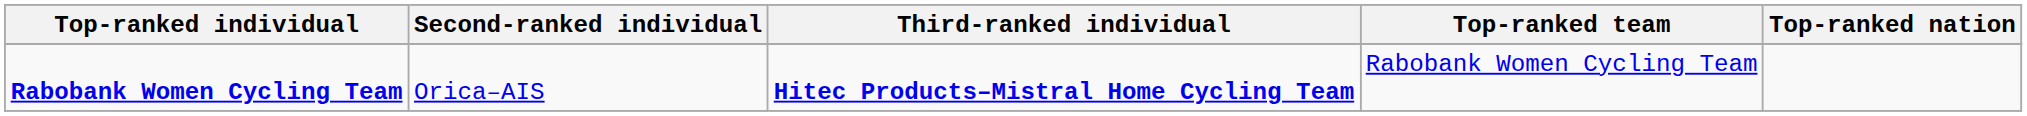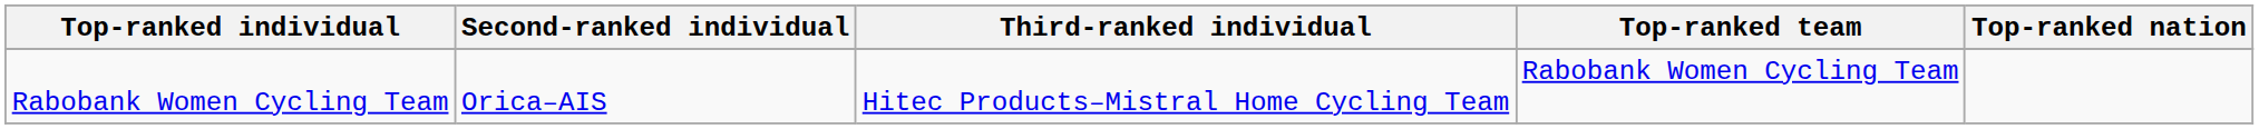 <table class="wikitable">
 <tr>
 <th>Top-ranked individual</th>
 <th>Second-ranked individual</th>
 <th>Third-ranked individual</th>
 <th>Top-ranked team</th>
 <th>Top-ranked nation</th>
 </tr>
 <tr>
 </tr>
 <tr valign="top">
-<td align=left><strong><br><span><a href='#'>Rabobank Women Cycling Team</a></span></strong></td>
+<td align=left><br><span><a href='#'>Rabobank Women Cycling Team</a></span></td>
 <td align=left><br><span><a href='#'>Orica–AIS</a></span></td>
-<td align=left><strong><br><span><a href='#'>Hitec Products–Mistral Home Cycling Team</a></span></strong></td>
+<td align=left><br><span><a href='#'>Hitec Products–Mistral Home Cycling Team</a></span></td>
 <td><a href='#'>Rabobank Women Cycling Team</a></td>
 <td></td>
 </tr>
 </table>
